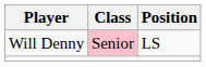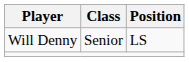 <table class="wikitable" border="1">
 <tr>
 <th>Player</th>
 <th>Class</th>
 <th>Position</th>
 </tr>
 <tr>
 <td>Will Denny</td>
-<td style="background: pink;">Senior</td>
+<td>Senior</td>
 <td>LS</td>
 </tr>
 <tr>
 <td colspan="3" style="font-size: 8pt" align="center"></td>
 </tr>
 </table>
